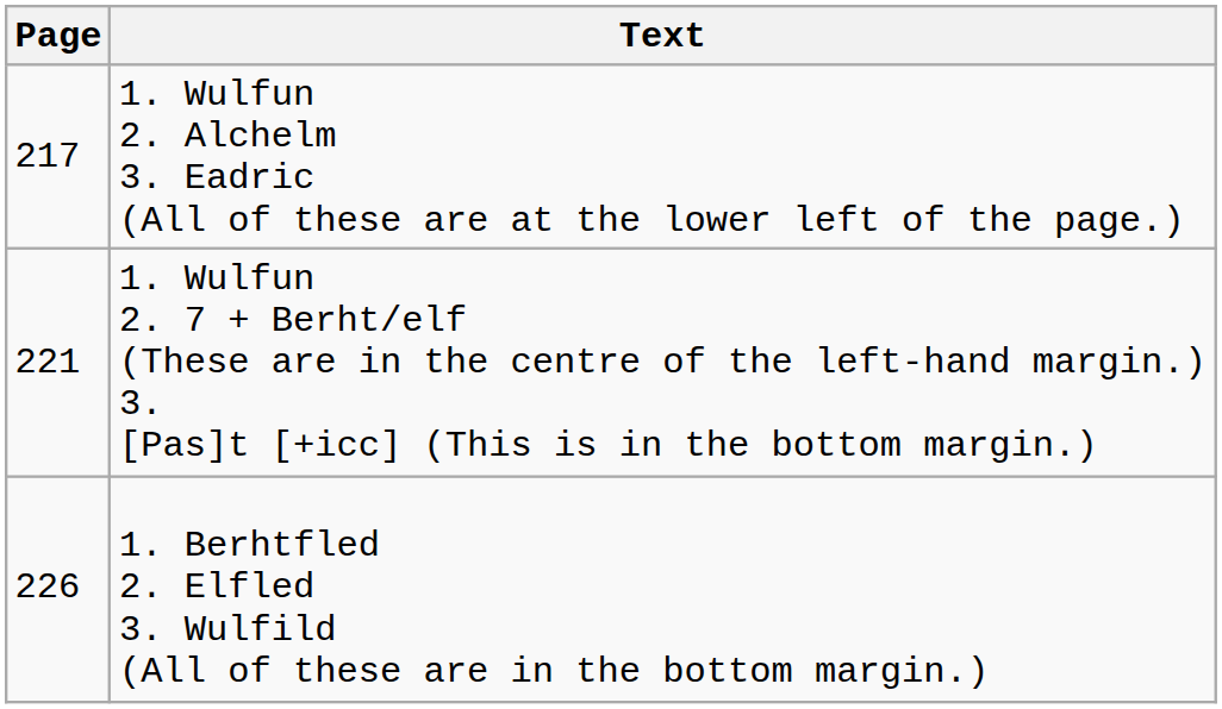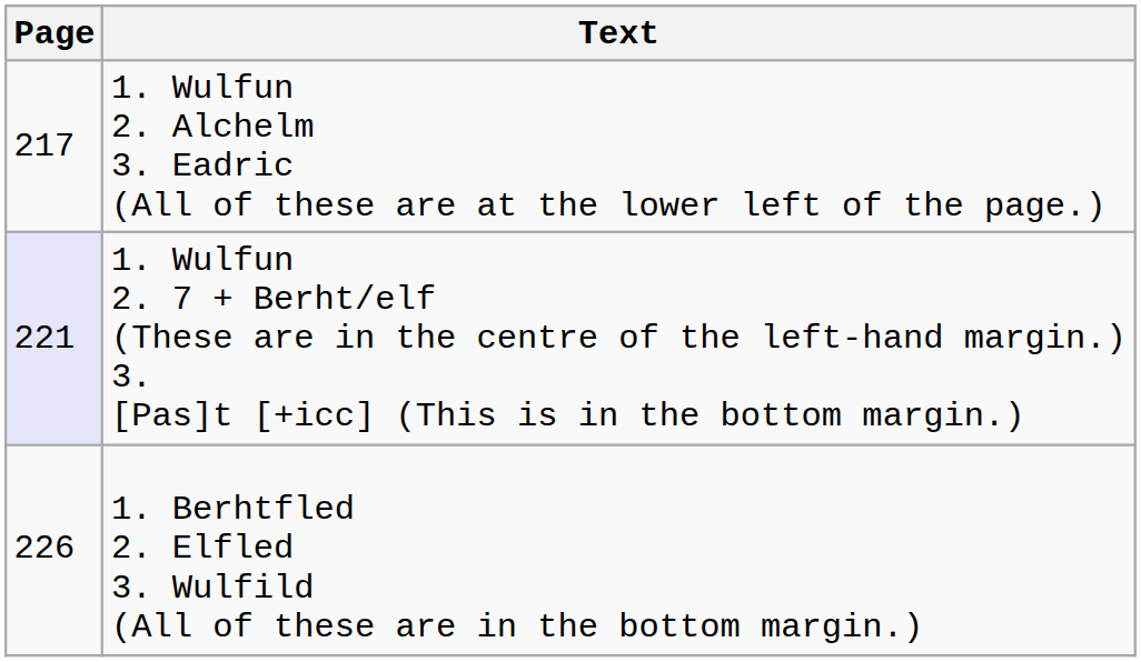 <table class="wikitable">
 <tr>
 <th>Page</th>
 <th>Text</th>
 </tr>
 <tr>
 <td>217</td>
 <td>1. Wulfun<br>2. Alchelm<br>3. Eadric<br>(All of these are at the lower left of the page.)</td>
 </tr>
 <tr>
-<td>221</td>
+<td style="background: lavender;">221</td>
 <td>1. Wulfun<br>2. 7 + Berht/elf<br>(These are in the centre of the left-hand margin.)<br>3.<br>[Pas]t [+icc] (This is in the bottom margin.)</td>
 </tr>
 <tr>
 <td>226</td>
 <td><br>1. Berhtfled<br>2. Elfled<br>3. Wulfild<br>(All of these are in the bottom margin.)</td>
 </tr>
 </table>
